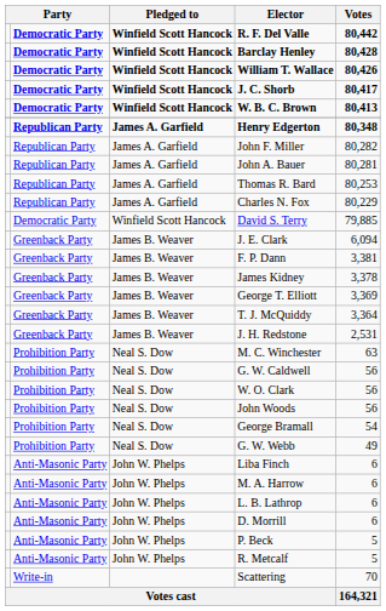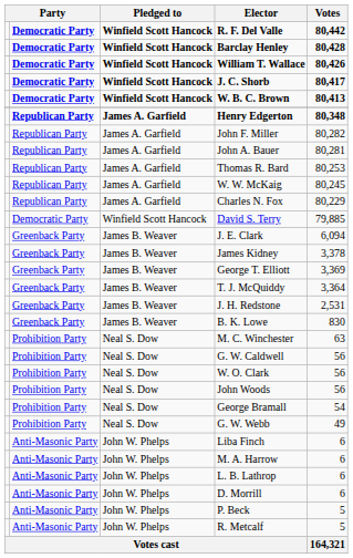 <table class="wikitable">
 <tr>
 <th colspan=2>Party</th>
 <th>Pledged to</th>
 <th>Elector</th>
 <th>Votes</th>
 </tr>
 <tr style="font-weight:bold">
 <td bgcolor=></td>
 <td><a href='#'>Democratic Party</a></td>
 <td>Winfield Scott Hancock</td>
 <td>R. F. Del Valle</td>
 <td align=right>80,442</td>
 </tr>
 <tr style="font-weight:bold">
 <td bgcolor=></td>
 <td><a href='#'>Democratic Party</a></td>
 <td>Winfield Scott Hancock</td>
 <td>Barclay Henley</td>
 <td align=right>80,428</td>
 </tr>
 <tr style="font-weight:bold">
 <td bgcolor=></td>
 <td><a href='#'>Democratic Party</a></td>
 <td>Winfield Scott Hancock</td>
 <td>William T. Wallace</td>
 <td align=right>80,426</td>
 </tr>
 <tr style="font-weight:bold">
 <td bgcolor=></td>
 <td><a href='#'>Democratic Party</a></td>
 <td>Winfield Scott Hancock</td>
 <td>J. C. Shorb</td>
 <td align=right>80,417</td>
 </tr>
 <tr style="font-weight:bold">
 <td bgcolor=></td>
 <td><a href='#'>Democratic Party</a></td>
 <td>Winfield Scott Hancock</td>
 <td>W. B. C. Brown</td>
 <td align=right>80,413</td>
 </tr>
 <tr>
 </tr>
 <tr style="font-weight:bold">
 <td></td>
 <td><a href='#'>Republican Party</a></td>
 <td>James A. Garfield</td>
 <td>Henry Edgerton</td>
 <td align="right">80,348</td>
 </tr>
 <tr>
 <td></td>
 <td><a href='#'>Republican Party</a></td>
 <td>James A. Garfield</td>
 <td>John F. Miller</td>
 <td align="right">80,282</td>
 </tr>
 <tr>
 <td></td>
 <td><a href='#'>Republican Party</a></td>
 <td>James A. Garfield</td>
 <td>John A. Bauer</td>
 <td align="right">80,281</td>
 </tr>
 <tr>
 <td></td>
 <td><a href='#'>Republican Party</a></td>
 <td>James A. Garfield</td>
 <td>Thomas R. Bard</td>
 <td align="right">80,253</td>
 </tr>
 <tr>
 <td></td>
 <td><a href='#'>Republican Party</a></td>
 <td>James A. Garfield</td>
+<td>W. W. McKaig</td>
+<td align="right">80,245</td>
+</tr>
+<tr>
+<td></td>
+<td><a href='#'>Republican Party</a></td>
+<td>James A. Garfield</td>
 <td>Charles N. Fox</td>
 <td align="right">80,229</td>
 </tr>
 <tr>
 <td></td>
 <td><a href='#'>Democratic Party</a></td>
 <td>Winfield Scott Hancock</td>
 <td><a href='#'>David S. Terry</a></td>
 <td align="right">79,885</td>
 </tr>
 <tr>
 <td></td>
 <td><a href='#'>Greenback Party</a></td>
 <td>James B. Weaver</td>
 <td>J. E. Clark</td>
 <td align="right">6,094</td>
-</tr>
-<tr>
-<td></td>
-<td><a href='#'>Greenback Party</a></td>
-<td>James B. Weaver</td>
-<td>F. P. Dann</td>
-<td align="right">3,381</td>
 </tr>
 <tr>
 <td></td>
 <td><a href='#'>Greenback Party</a></td>
 <td>James B. Weaver</td>
 <td>James Kidney</td>
 <td align="right">3,378</td>
 </tr>
 <tr>
 <td></td>
 <td><a href='#'>Greenback Party</a></td>
 <td>James B. Weaver</td>
 <td>George T. Elliott</td>
 <td align="right">3,369</td>
 </tr>
 <tr>
 <td></td>
 <td><a href='#'>Greenback Party</a></td>
 <td>James B. Weaver</td>
 <td>T. J. McQuiddy</td>
 <td align="right">3,364</td>
 </tr>
 <tr>
 <td></td>
 <td><a href='#'>Greenback Party</a></td>
 <td>James B. Weaver</td>
 <td>J. H. Redstone</td>
 <td align="right">2,531</td>
+</tr>
+<tr>
+<td></td>
+<td><a href='#'>Greenback Party</a></td>
+<td>James B. Weaver</td>
+<td>B. K. Lowe</td>
+<td align="right">830</td>
 </tr>
 <tr>
 <td></td>
 <td><a href='#'>Prohibition Party</a></td>
 <td>Neal S. Dow</td>
 <td>M. C. Winchester</td>
 <td align="right">63</td>
 </tr>
 <tr>
 <td></td>
 <td><a href='#'>Prohibition Party</a></td>
 <td>Neal S. Dow</td>
 <td>G. W. Caldwell</td>
 <td align="right">56</td>
 </tr>
 <tr>
 <td></td>
 <td><a href='#'>Prohibition Party</a></td>
 <td>Neal S. Dow</td>
 <td>W. O. Clark</td>
 <td align="right">56</td>
 </tr>
 <tr>
 <td></td>
 <td><a href='#'>Prohibition Party</a></td>
 <td>Neal S. Dow</td>
 <td>John Woods</td>
 <td align="right">56</td>
 </tr>
 <tr>
 <td></td>
 <td><a href='#'>Prohibition Party</a></td>
 <td>Neal S. Dow</td>
 <td>George Bramall</td>
 <td align="right">54</td>
 </tr>
 <tr>
 <td></td>
 <td><a href='#'>Prohibition Party</a></td>
 <td>Neal S. Dow</td>
 <td>G. W. Webb</td>
 <td align="right">49</td>
 </tr>
 <tr>
 <td></td>
 <td><a href='#'>Anti-Masonic Party</a></td>
 <td>John W. Phelps</td>
 <td>Liba Finch</td>
 <td align="right">6</td>
 </tr>
 <tr>
 <td></td>
 <td><a href='#'>Anti-Masonic Party</a></td>
 <td>John W. Phelps</td>
 <td>M. A. Harrow</td>
 <td align="right">6</td>
 </tr>
 <tr>
 <td></td>
 <td><a href='#'>Anti-Masonic Party</a></td>
 <td>John W. Phelps</td>
 <td>L. B. Lathrop</td>
 <td align="right">6</td>
 </tr>
 <tr>
 <td></td>
 <td><a href='#'>Anti-Masonic Party</a></td>
 <td>John W. Phelps</td>
 <td>D. Morrill</td>
 <td align="right">6</td>
 </tr>
 <tr>
 <td></td>
 <td><a href='#'>Anti-Masonic Party</a></td>
 <td>John W. Phelps</td>
 <td>P. Beck</td>
 <td align="right">5</td>
 </tr>
 <tr>
 <td></td>
 <td><a href='#'>Anti-Masonic Party</a></td>
 <td>John W. Phelps</td>
 <td>R. Metcalf</td>
 <td align="right">5</td>
 </tr>
 <tr>
-<td></td>
-<td><a href='#'>Write-in</a></td>
-<td></td>
-<td>Scattering</td>
-<td align="right">70</td>
-</tr>
-<tr>
 <th colspan="4">Votes cast</th>
 <th>164,321</th>
 </tr>
 </table>
